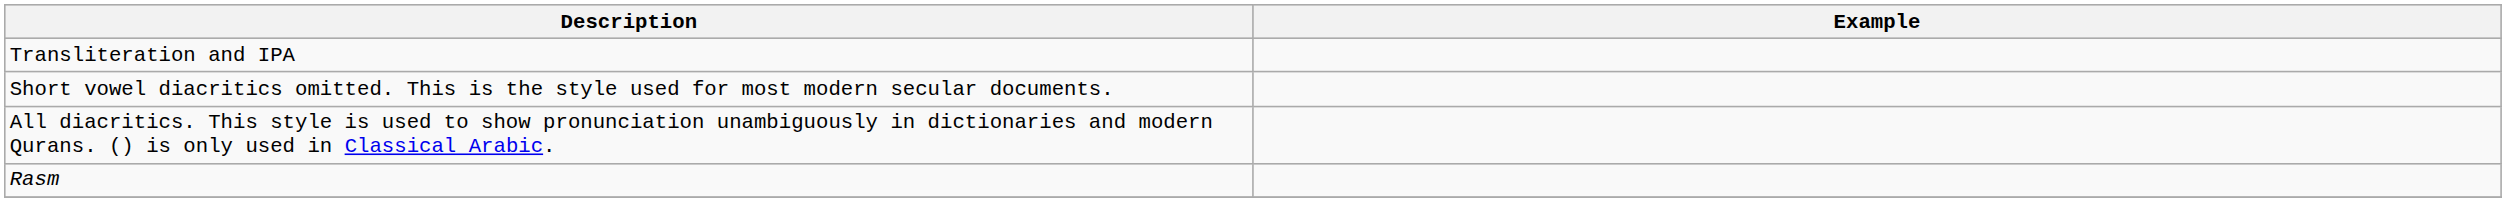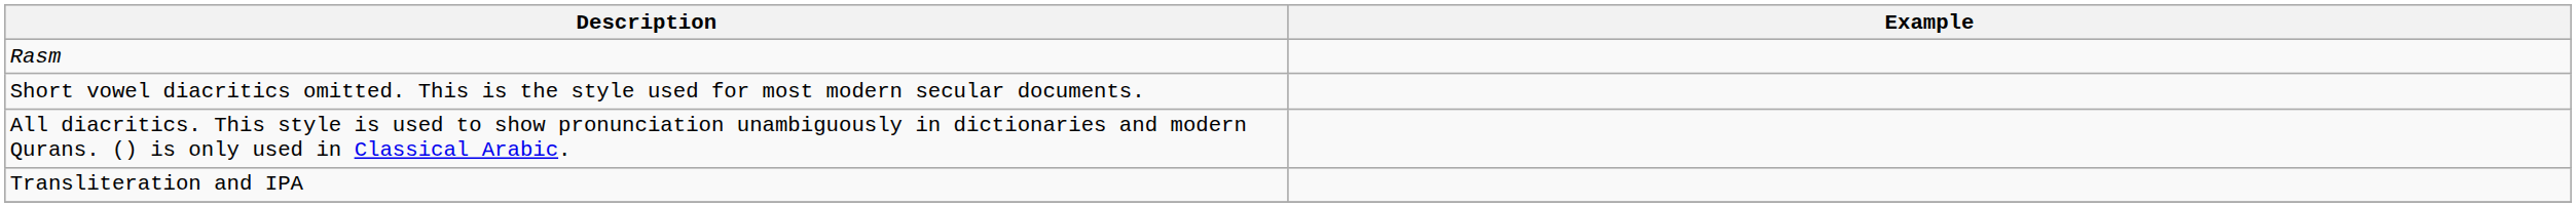 <table class="wikitable" style="text-align: center">
 <tr>
 <th style="width:50%;">Description</th>
 <th>Example</th>
 </tr>
 <tr>
-<td style="font-size:100%;text-align:left;">Transliteration and IPA</td>
-<td style="font-size:100%;text-align: center;"> </td>
+<td style="font-size:100%;text-align:left;"><em>Rasm</em></td>
+<td style="white-space: nowrap;font-size:300%;text-align: center;font-family: Scheherazade, Lateef, Arial, Katibeh, arial,'Reem Kufi';"></td>
 </tr>
 <tr>
 <td style="font-size:100%;text-align:left;">Short vowel diacritics omitted. This is the style used for most modern secular documents.</td>
 <td style="white-space: nowrap;font-size:300%;text-align: center;font-family: Scheherazade, Lateef, Arial, Katibeh, arial,'Reem Kufi';"></td>
 </tr>
 <tr>
 <td style="font-size:100%;text-align:left;">All diacritics. This style is used to show pronunciation unambiguously in dictionaries and modern Qurans.  () is only used in <a href='#'>Classical Arabic</a>.</td>
 <td style="white-space: nowrap;font-size:300%;text-align: center;font-family: Scheherazade, Lateef, Arial, Katibeh, arial,'Reem Kufi';"></td>
 </tr>
 <tr>
-<td style="font-size:100%;text-align:left;"><em>Rasm</em></td>
-<td style="white-space: nowrap;font-size:300%;text-align: center;font-family: Scheherazade, Lateef, Arial, Katibeh, arial,'Reem Kufi';"></td>
+<td style="font-size:100%;text-align:left;">Transliteration and IPA</td>
+<td style="font-size:100%;text-align: center;"> </td>
 </tr>
 <tr>
 </tr>
 </table>
